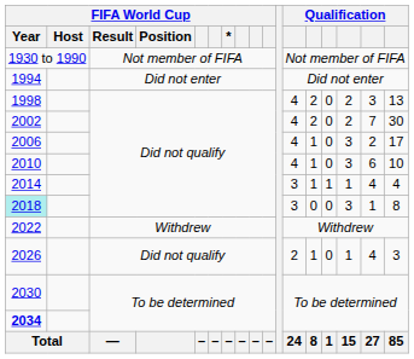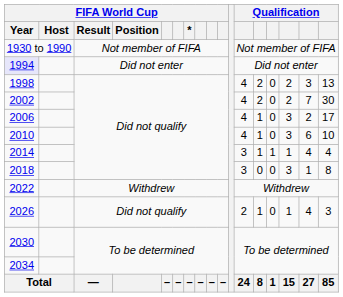 <table class="wikitable" style="text-align: center;">
 <tr>
 <th colspan=10><a href='#'>FIFA World Cup</a></th>
 <th rowspan=38></th>
 <th colspan=6><a href='#'>Qualification</a></th>
 </tr>
 <tr>
 <th>Year</th>
 <th>Host</th>
 <th>Result</th>
 <th>Position</th>
 <th></th>
 <th></th>
 <th>*</th>
 <th></th>
 <th></th>
 <th></th>
 <th></th>
 <th></th>
 <th></th>
 <th></th>
 <th></th>
 <th></th>
 </tr>
 <tr>
 <td colspan=2><a href='#'>1930</a> to <a href='#'>1990</a></td>
 <td colspan=8><em>Not member of FIFA</em></td>
 <td colspan=6><em>Not member of FIFA</em></td>
 </tr>
 <tr>
-<td><a href='#'>1994</a></td>
+<td style="background: lavender;"><a href='#'>1994</a></td>
 <td align=left></td>
 <td colspan=8><em>Did not enter</em></td>
 <td colspan=6><em>Did not enter</em></td>
 </tr>
 <tr>
 <td><a href='#'>1998</a></td>
 <td align=left></td>
 <td colspan=8 rowspan=6><em>Did not qualify</em></td>
 <td>4</td>
 <td>2</td>
 <td>0</td>
 <td>2</td>
 <td>3</td>
 <td>13</td>
 </tr>
 <tr>
 <td><a href='#'>2002</a></td>
 <td align=left><br></td>
 <td>4</td>
 <td>2</td>
 <td>0</td>
 <td>2</td>
 <td>7</td>
 <td>30</td>
 </tr>
 <tr>
 <td><a href='#'>2006</a></td>
 <td align=left></td>
 <td>4</td>
 <td>1</td>
 <td>0</td>
 <td>3</td>
 <td>2</td>
 <td>17</td>
 </tr>
 <tr>
 <td><a href='#'>2010</a></td>
 <td align=left></td>
 <td>4</td>
 <td>1</td>
 <td>0</td>
 <td>3</td>
 <td>6</td>
 <td>10</td>
 </tr>
 <tr>
 <td><a href='#'>2014</a></td>
 <td align=left></td>
 <td>3</td>
 <td>1</td>
 <td>1</td>
 <td>1</td>
 <td>4</td>
 <td>4</td>
 </tr>
 <tr>
-<td style="background: paleturquoise;"><a href='#'>2018</a></td>
+<td><a href='#'>2018</a></td>
 <td align=left></td>
 <td>3</td>
 <td>0</td>
 <td>0</td>
 <td>3</td>
 <td>1</td>
 <td>8</td>
 </tr>
 <tr>
 <td><a href='#'>2022</a></td>
 <td align=left></td>
 <td colspan=8><em>Withdrew</em></td>
 <td colspan=6><em>Withdrew</em></td>
 </tr>
 <tr>
 <td><a href='#'>2026</a></td>
 <td align=left><br><br></td>
 <td colspan=8><em>Did not qualify</em></td>
 <td>2</td>
 <td>1</td>
 <td>0</td>
 <td>1</td>
 <td>4</td>
 <td>3</td>
 </tr>
 <tr>
 <td><a href='#'>2030</a></td>
 <td align=left><br><br></td>
 <td colspan=8 rowspan=2><em>To be determined</em></td>
 <td colspan=6 rowspan=2><em>To be determined</em></td>
 </tr>
 <tr>
-<td><strong><a href='#'>2034</a></strong></td>
+<td><a href='#'>2034</a></td>
 <td align=left></td>
 </tr>
 <tr>
 <th colspan=2>Total</th>
 <th>—</th>
 <th></th>
 <th>–</th>
 <th>–</th>
 <th>–</th>
 <th>–</th>
 <th>–</th>
 <th>–</th>
 <th>24</th>
 <th>8</th>
 <th>1</th>
 <th>15</th>
 <th>27</th>
 <th>85</th>
 </tr>
 </table>
